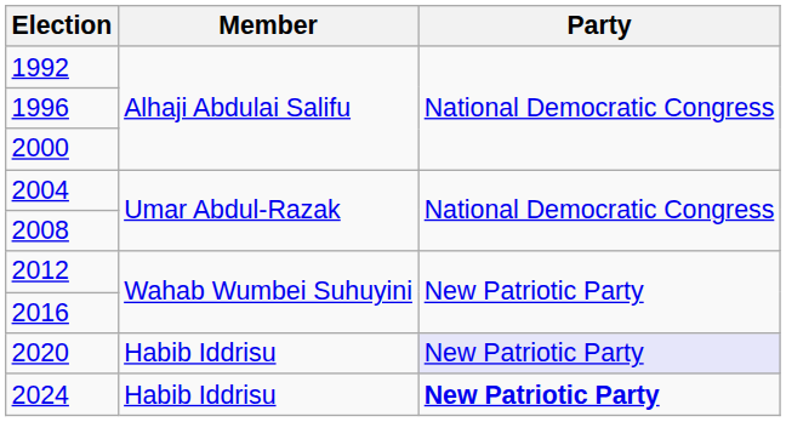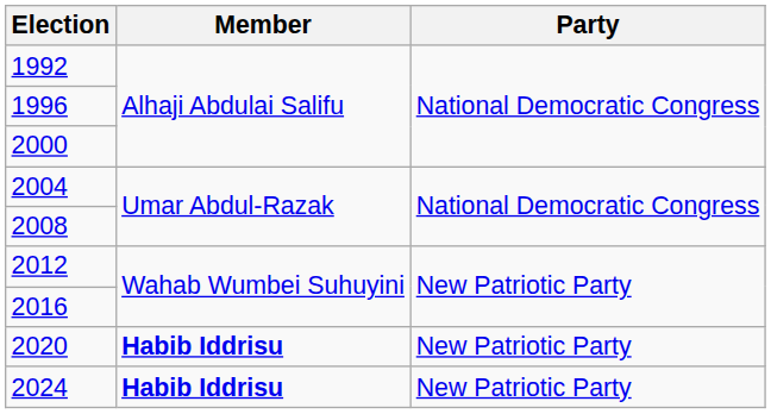 <table class="wikitable">
 <tr>
 <th>Election</th>
 <th>Member</th>
 <th>Party</th>
 </tr>
 <tr>
 <td><a href='#'>1992</a></td>
 <td rowspan="3"><a href='#'>Alhaji Abdulai Salifu</a></td>
 <td rowspan="3"><a href='#'>National Democratic Congress</a></td>
 </tr>
 <tr>
 <td><a href='#'>1996</a></td>
 </tr>
 <tr>
 <td><a href='#'>2000</a></td>
 </tr>
 <tr>
 <td><a href='#'>2004</a></td>
 <td rowspan="2"><a href='#'>Umar Abdul-Razak</a></td>
 <td rowspan="2"><a href='#'>National Democratic Congress</a></td>
 </tr>
 <tr>
 <td><a href='#'>2008</a></td>
 </tr>
 <tr>
 <td><a href='#'>2012</a></td>
 <td rowspan="2"><a href='#'>Wahab Wumbei Suhuyini</a></td>
 <td rowspan="2"><a href='#'>New Patriotic Party</a></td>
 </tr>
 <tr>
 <td><a href='#'>2016</a></td>
 </tr>
 <tr>
 <td><a href='#'>2020</a></td>
-<td rowspan="1"><a href='#'>Habib Iddrisu</a></td>
-<td rowspan="1" style="background: lavender;"><a href='#'>New Patriotic Party</a></td>
+<td rowspan="1"><strong><a href='#'>Habib Iddrisu</a></strong></td>
+<td rowspan="1"><a href='#'>New Patriotic Party</a></td>
 </tr>
 <tr>
 <td><a href='#'>2024</a></td>
-<td rowspan="1"><a href='#'>Habib Iddrisu</a></td>
-<td rowspan="1"><strong><a href='#'>New Patriotic Party</a></strong></td>
+<td rowspan="1"><strong><a href='#'>Habib Iddrisu</a></strong></td>
+<td rowspan="1"><a href='#'>New Patriotic Party</a></td>
 </tr>
 </table>
